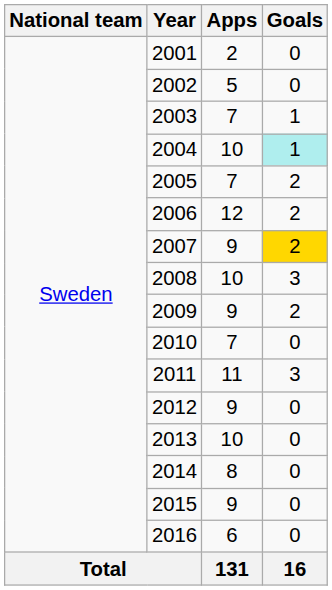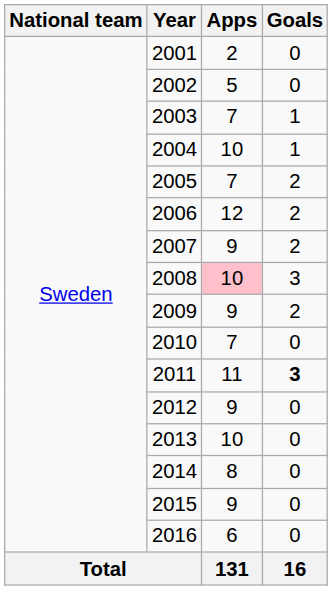 <table class="wikitable" style="text-align:center">
 <tr>
 <th>National team</th>
 <th>Year</th>
 <th>Apps</th>
 <th>Goals</th>
 </tr>
 <tr>
 <td rowspan="16"><a href='#'>Sweden</a></td>
 <td>2001</td>
 <td>2</td>
 <td>0</td>
 </tr>
 <tr>
 <td>2002</td>
 <td>5</td>
 <td>0</td>
 </tr>
 <tr>
 <td>2003</td>
 <td>7</td>
 <td>1</td>
 </tr>
 <tr>
 <td>2004</td>
 <td>10</td>
-<td style="background: paleturquoise;">1</td>
+<td>1</td>
 </tr>
 <tr>
 <td>2005</td>
 <td>7</td>
 <td>2</td>
 </tr>
 <tr>
 <td>2006</td>
 <td>12</td>
 <td>2</td>
 </tr>
 <tr>
 <td>2007</td>
 <td>9</td>
-<td style="background: gold;">2</td>
+<td>2</td>
 </tr>
 <tr>
 <td>2008</td>
-<td>10</td>
+<td style="background: pink;">10</td>
 <td>3</td>
 </tr>
 <tr>
 <td>2009</td>
 <td>9</td>
 <td>2</td>
 </tr>
 <tr>
 <td>2010</td>
 <td>7</td>
 <td>0</td>
 </tr>
 <tr>
 <td>2011</td>
 <td>11</td>
-<td>3</td>
+<td><strong>3</strong></td>
 </tr>
 <tr>
 <td>2012</td>
 <td>9</td>
 <td>0</td>
 </tr>
 <tr>
 <td>2013</td>
 <td>10</td>
 <td>0</td>
 </tr>
 <tr>
 <td>2014</td>
 <td>8</td>
 <td>0</td>
 </tr>
 <tr>
 <td>2015</td>
 <td>9</td>
 <td>0</td>
 </tr>
 <tr>
 <td>2016</td>
 <td>6</td>
 <td>0</td>
 </tr>
 <tr>
 <th colspan="2">Total</th>
 <th>131</th>
 <th>16</th>
 </tr>
 </table>
